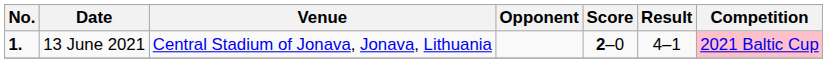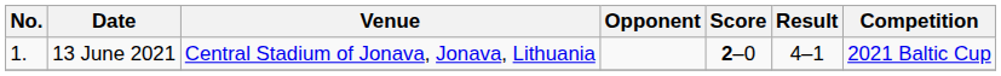 <table class="wikitable">
 <tr>
 <th>No.</th>
 <th>Date</th>
 <th>Venue</th>
 <th>Opponent</th>
 <th>Score</th>
 <th>Result</th>
 <th>Competition</th>
 </tr>
 <tr>
-<td><strong>1.</strong></td>
+<td>1.</td>
 <td>13 June 2021</td>
 <td><a href='#'>Central Stadium of Jonava</a>, <a href='#'>Jonava</a>, <a href='#'>Lithuania</a></td>
 <td></td>
 <td align=center><strong>2</strong>–0</td>
 <td align=center>4–1</td>
-<td style="background: pink;"><a href='#'>2021 Baltic Cup</a></td>
+<td><a href='#'>2021 Baltic Cup</a></td>
 </tr>
 <tr>
 </tr>
 </table>
